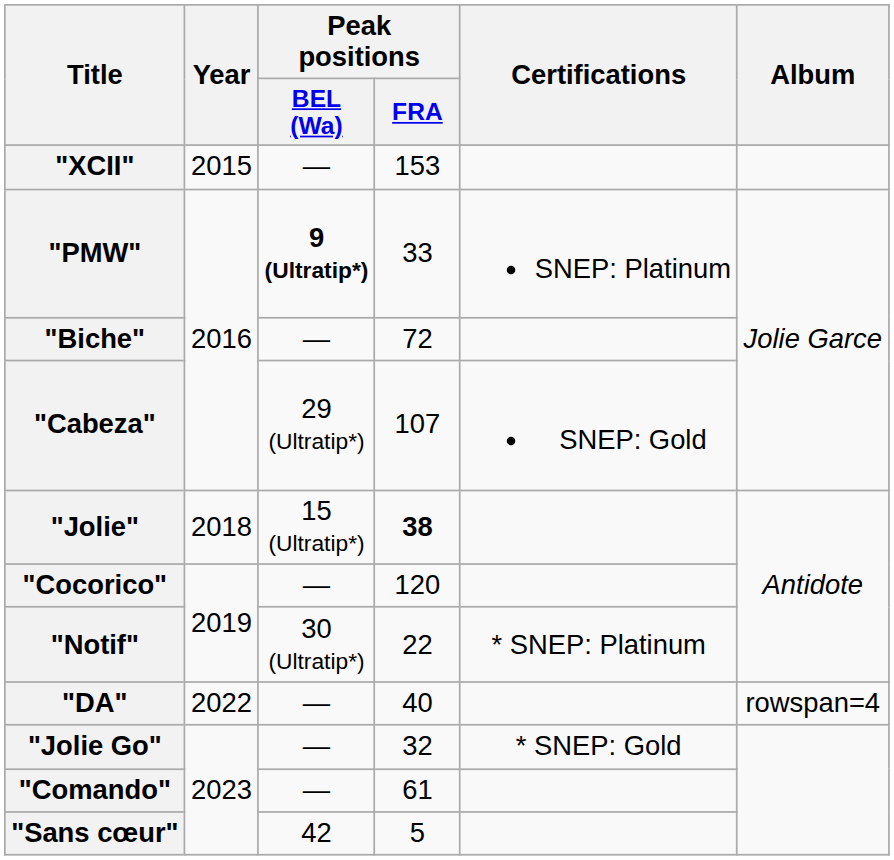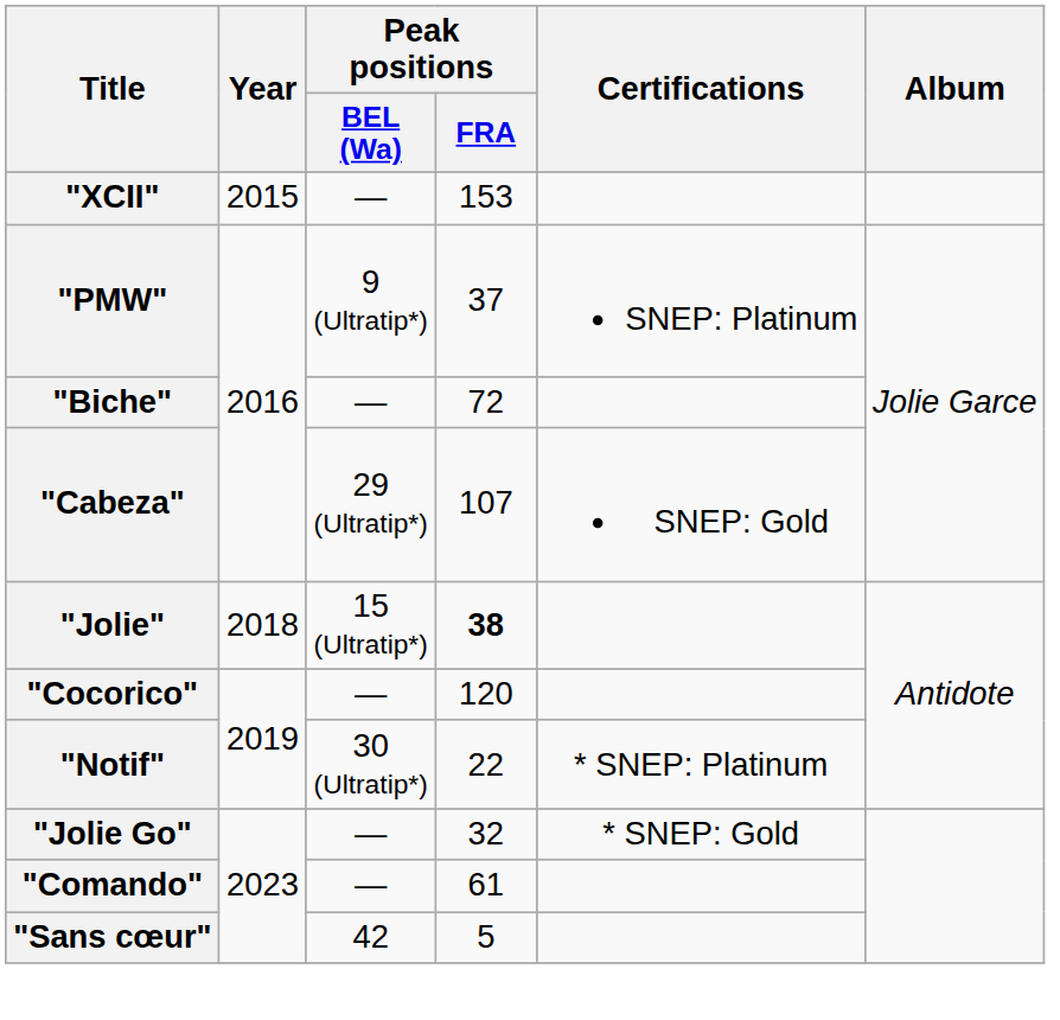 <table class="wikitable plainrowheaders" style="text-align:center">
 <tr>
 <th rowspan="2" scope="col">Title</th>
 <th rowspan="2" scope="col">Year</th>
 <th colspan="2" scope="col">Peak positions</th>
 <th rowspan="2">Certifications</th>
 <th rowspan="2" scope="col">Album</th>
 </tr>
 <tr>
 <th scope="col" style="width:3em;font-size:90%;"><a href='#'>BEL <br>(Wa)</a><br></th>
 <th scope="col" style="width:3em;font-size:90%;"><a href='#'>FRA</a><br></th>
 </tr>
 <tr>
 <th scope="row">"XCII"</th>
 <td>2015</td>
 <td>—</td>
 <td>153</td>
 <td></td>
 <td></td>
 </tr>
 <tr>
 <th scope="row">"PMW"</th>
 <td rowspan="3">2016</td>
-<td><strong>9<br><small>(Ultratip*)</small></strong></td>
-<td>33</td>
+<td>9<br><small>(Ultratip*)</small></td>
+<td>37</td>
 <td><br><ul><li>SNEP: Platinum</li></ul></td>
 <td rowspan="3"><em>Jolie Garce</em></td>
 </tr>
 <tr>
 <th scope="row">"Biche"</th>
 <td>—</td>
 <td>72</td>
 <td></td>
 </tr>
 <tr>
 <th scope="row">"Cabeza"</th>
 <td>29<br><small>(Ultratip*)</small></td>
 <td>107</td>
 <td><br><ul><li>SNEP: Gold</li></ul></td>
 </tr>
 <tr>
 <th scope="row">"Jolie"</th>
 <td>2018</td>
 <td>15<br><small>(Ultratip*)</small></td>
 <td><strong>38</strong></td>
 <td></td>
 <td rowspan="3"><em>Antidote</em></td>
 </tr>
 <tr>
 <th scope="row">"Cocorico"</th>
 <td rowspan="2">2019</td>
 <td>—</td>
 <td>120</td>
 <td></td>
 </tr>
 <tr>
 <th scope="row">"Notif"</th>
 <td>30<br><small>(Ultratip*)</small></td>
 <td>22</td>
 <td>* SNEP: Platinum</td>
 </tr>
 <tr>
-<th scope="row">"DA"</th>
-<td>2022</td>
-<td>—</td>
-<td>40</td>
-<td></td>
-<td>rowspan=4 </td>
-</tr>
-<tr>
 <th scope="row">"Jolie Go"</th>
 <td rowspan=3>2023</td>
 <td>—</td>
 <td>32</td>
 <td>* SNEP: Gold</td>
 </tr>
 <tr>
 <th scope="row">"Comando"</th>
 <td>—</td>
 <td>61<br></td>
 <td></td>
 </tr>
 <tr>
 <th scope="row">"Sans cœur"<br></th>
 <td>42</td>
 <td>5</td>
 <td></td>
 </tr>
 </table>
